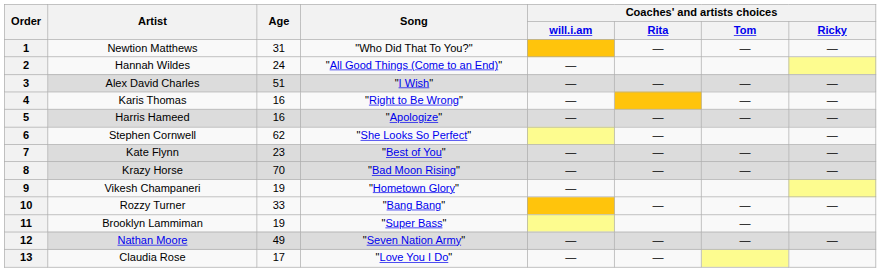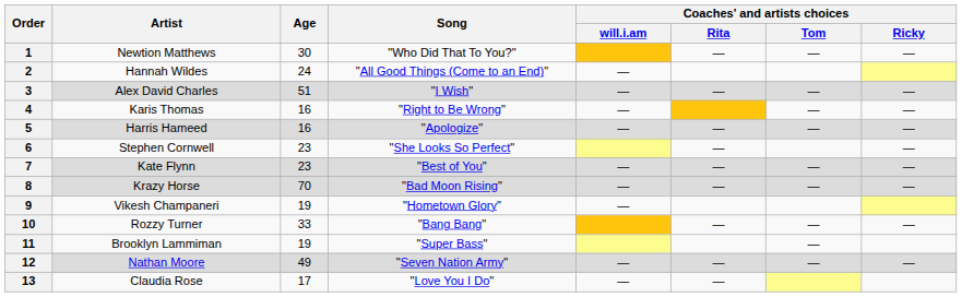 <table class="wikitable" style="text-align:center; width:100%;">
 <tr>
 <th scope="col" rowspan="2" style="width:05%;">Order</th>
 <th scope="col" rowspan="2" style="width:24%;">Artist</th>
 <th scope="col" rowspan="2" style="width:05%;">Age</th>
 <th scope="col" rowspan="2" style="width:26%;">Song</th>
 <th colspan="4" style="width:40%;">Coaches' and artists choices</th>
 </tr>
 <tr>
 <th style="width:10%;"><a href='#'>will.i.am</a></th>
 <th style="width:10%;"><a href='#'>Rita</a></th>
 <th style="width:10%;"><a href='#'>Tom</a></th>
 <th style="width:10%;"><a href='#'>Ricky</a></th>
 </tr>
 <tr>
 <th scope="col">1</th>
 <td>Newtion Matthews</td>
-<td>31</td>
+<td>30</td>
 <td>"Who Did That To You?"</td>
 <td style="background:#FFC40C;text-align:center;"><strong></strong></td>
 <td>—</td>
 <td>—</td>
 <td>—</td>
 </tr>
 <tr>
 <th scope="col">2</th>
 <td>Hannah Wildes</td>
 <td>24</td>
 <td>"<a href='#'>All Good Things (Come to an End)</a>"</td>
 <td>—</td>
 <td><strong></strong></td>
 <td><strong></strong></td>
 <td style="background:#fdfc8f;text-align:center;"><strong></strong></td>
 </tr>
 <tr style="background:#DCDCDC">
 <th scope="col">3</th>
 <td style="background:#DCDCDC; text-align:center;">Alex David Charles</td>
 <td style="background:#DCDCDC; text-align:center;">51</td>
 <td style="background:#DCDCDC; text-align:center;">"<a href='#'>I Wish</a>"</td>
 <td>—</td>
 <td>—</td>
 <td>—</td>
 <td>—</td>
 </tr>
 <tr>
 <th scope="col">4</th>
 <td>Karis Thomas</td>
 <td>16</td>
 <td>"<a href='#'>Right to Be Wrong</a>"</td>
 <td>—</td>
 <td style="background:#FFC40C;text-align:center;"><strong></strong></td>
 <td>—</td>
 <td>—</td>
 </tr>
 <tr style="background:#DCDCDC">
 <th scope="col">5</th>
 <td style="background:#DCDCDC; text-align:center;">Harris Hameed</td>
 <td style="background:#DCDCDC; text-align:center;">16</td>
 <td style="background:#DCDCDC; text-align:center;">"<a href='#'>Apologize</a>"</td>
 <td>—</td>
 <td>—</td>
 <td>—</td>
 <td>—</td>
 </tr>
 <tr>
 <th scope="col">6</th>
 <td>Stephen Cornwell</td>
-<td>62</td>
+<td>23</td>
 <td>"<a href='#'>She Looks So Perfect</a>"</td>
 <td style="background:#fdfc8f;text-align:center;"><strong></strong></td>
 <td>—</td>
 <td><strong></strong></td>
 <td>—</td>
 </tr>
 <tr style="background:#DCDCDC">
 <th scope="col">7</th>
 <td style="background:#DCDCDC; text-align:center;">Kate Flynn</td>
 <td style="background:#DCDCDC; text-align:center;">23</td>
 <td style="background:#DCDCDC; text-align:center;">"<a href='#'>Best of You</a>"</td>
 <td>—</td>
 <td>—</td>
 <td>—</td>
 <td>—</td>
 </tr>
 <tr style="background:#DCDCDC">
 <th scope="col">8</th>
 <td style="background:#DCDCDC; text-align:center;">Krazy Horse</td>
 <td style="background:#DCDCDC; text-align:center;">70</td>
 <td style="background:#DCDCDC; text-align:center;">"<a href='#'>Bad Moon Rising</a>"</td>
 <td>—</td>
 <td>—</td>
 <td>—</td>
 <td>—</td>
 </tr>
 <tr>
 <th scope="col">9</th>
 <td>Vikesh Champaneri</td>
 <td>19</td>
 <td>"<a href='#'>Hometown Glory</a>"</td>
 <td>—</td>
 <td><strong></strong></td>
 <td><strong></strong></td>
 <td style="background:#fdfc8f;text-align:center;"><strong></strong></td>
 </tr>
 <tr>
 <th scope="col">10</th>
 <td>Rozzy Turner</td>
 <td>33</td>
 <td>"<a href='#'>Bang Bang</a>"</td>
 <td style="background:#FFC40C;text-align:center;"><strong></strong></td>
 <td>—</td>
 <td>—</td>
 <td>—</td>
 </tr>
 <tr>
 <th scope="col">11</th>
 <td>Brooklyn Lammiman</td>
 <td>19</td>
 <td>"<a href='#'>Super Bass</a>"</td>
 <td style="background:#fdfc8f;text-align:center;"><strong></strong></td>
 <td><strong></strong></td>
 <td>—</td>
 <td><strong></strong></td>
 </tr>
 <tr style="background:#DCDCDC">
 <th scope="col">12</th>
 <td style="background:#DCDCDC; text-align:center;"><a href='#'>Nathan Moore</a></td>
 <td style="background:#DCDCDC; text-align:center;">49</td>
 <td style="background:#DCDCDC; text-align:center;">"<a href='#'>Seven Nation Army</a>"</td>
 <td>—</td>
 <td>—</td>
 <td>—</td>
 <td>—</td>
 </tr>
 <tr>
 <th scope="col">13</th>
 <td>Claudia Rose</td>
 <td>17</td>
 <td>"<a href='#'>Love You I Do</a>"</td>
 <td>—</td>
 <td>—</td>
 <td style="background:#fdfc8f;text-align:center;"><strong></strong></td>
 <td><strong></strong></td>
 </tr>
 </table>
